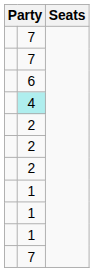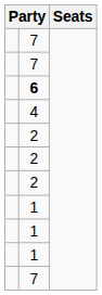 <table class="wikitable" style="font-size: 95%;">
 <tr>
 <th colspan=2>Party</th>
 <th>Seats</th>
 </tr>
 <tr>
 <td></td>
 <td align="center">7</td>
 </tr>
 <tr>
 <td></td>
 <td align="center">7</td>
 </tr>
 <tr>
 <td></td>
-<td align="center">6</td>
+<td align="center"><strong>6</strong></td>
 </tr>
 <tr>
 <td></td>
-<td align="center" style="background: paleturquoise;">4</td>
+<td align="center">4</td>
 </tr>
 <tr>
 <td></td>
 <td align="center">2</td>
 </tr>
 <tr>
 <td></td>
 <td align="center">2</td>
 </tr>
 <tr>
 <td></td>
 <td align="center">2</td>
 </tr>
 <tr>
 <td></td>
 <td align="center">1</td>
 </tr>
 <tr>
 <td></td>
 <td align="center">1</td>
 </tr>
 <tr>
 <td></td>
 <td align="center">1</td>
 </tr>
 <tr>
 <td></td>
 <td align="center">7</td>
 </tr>
 </table>
